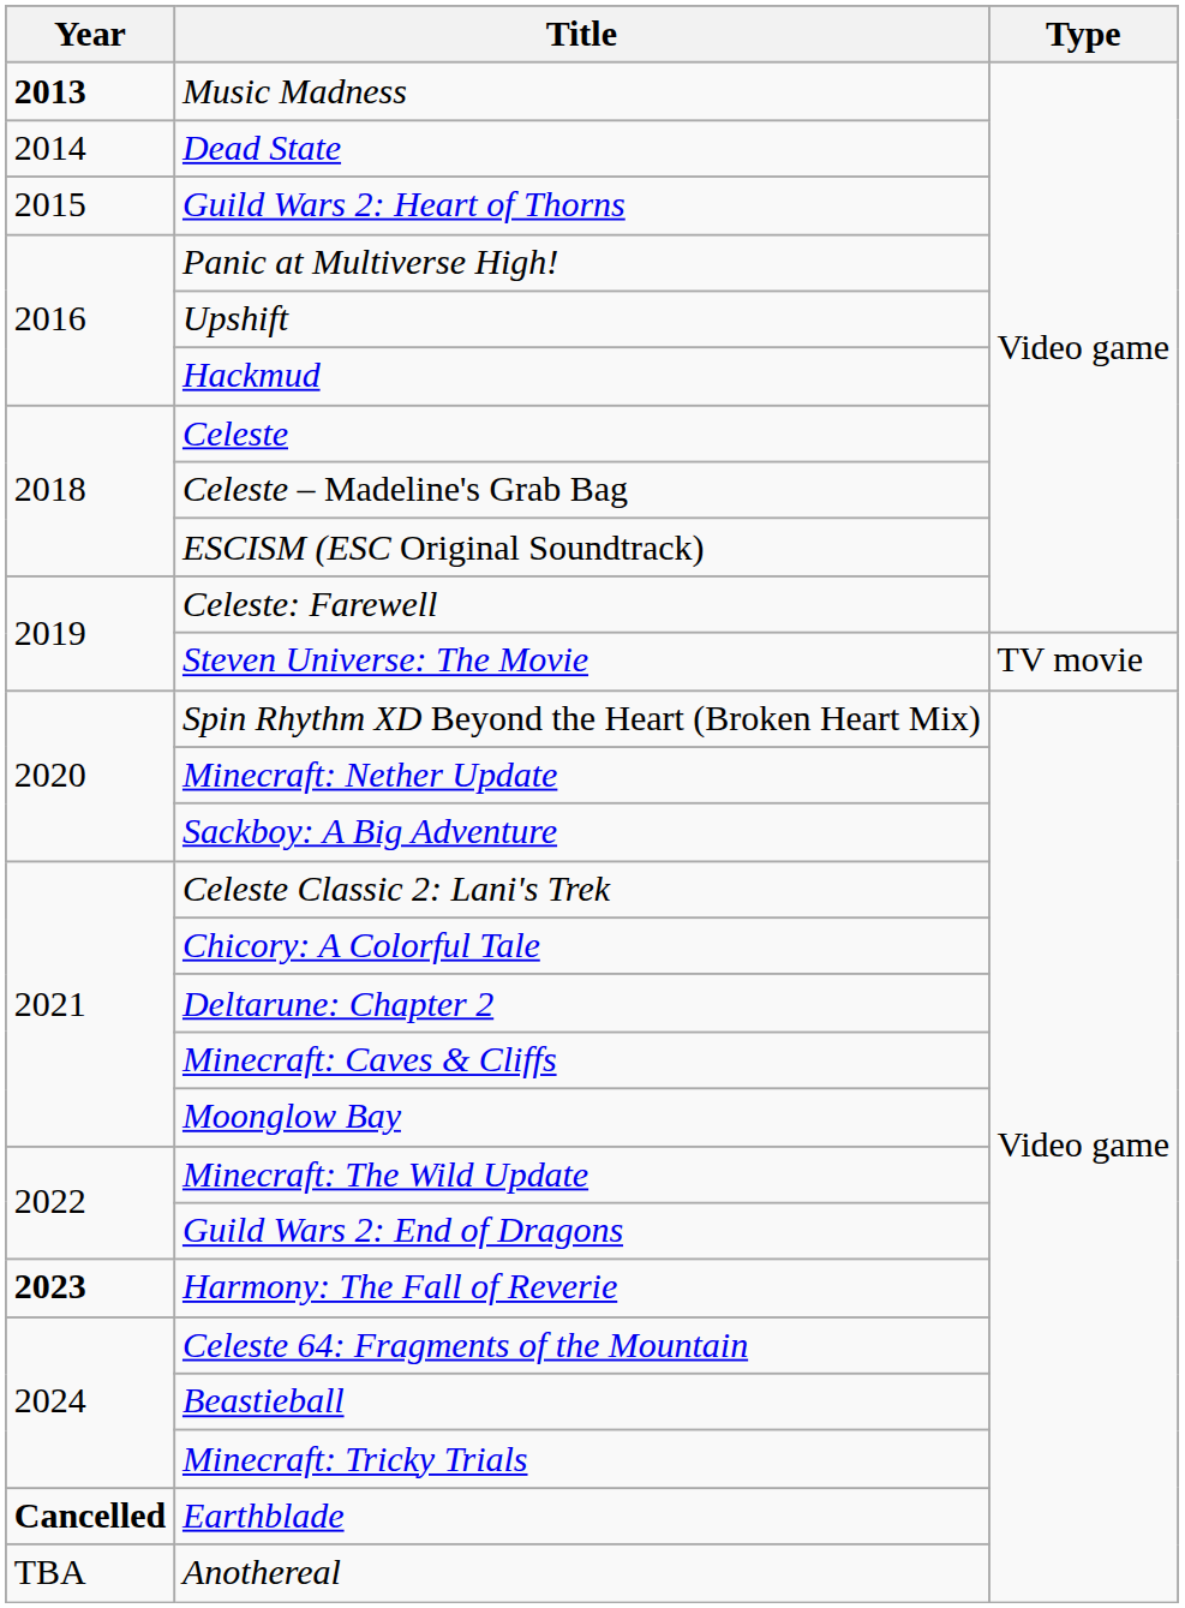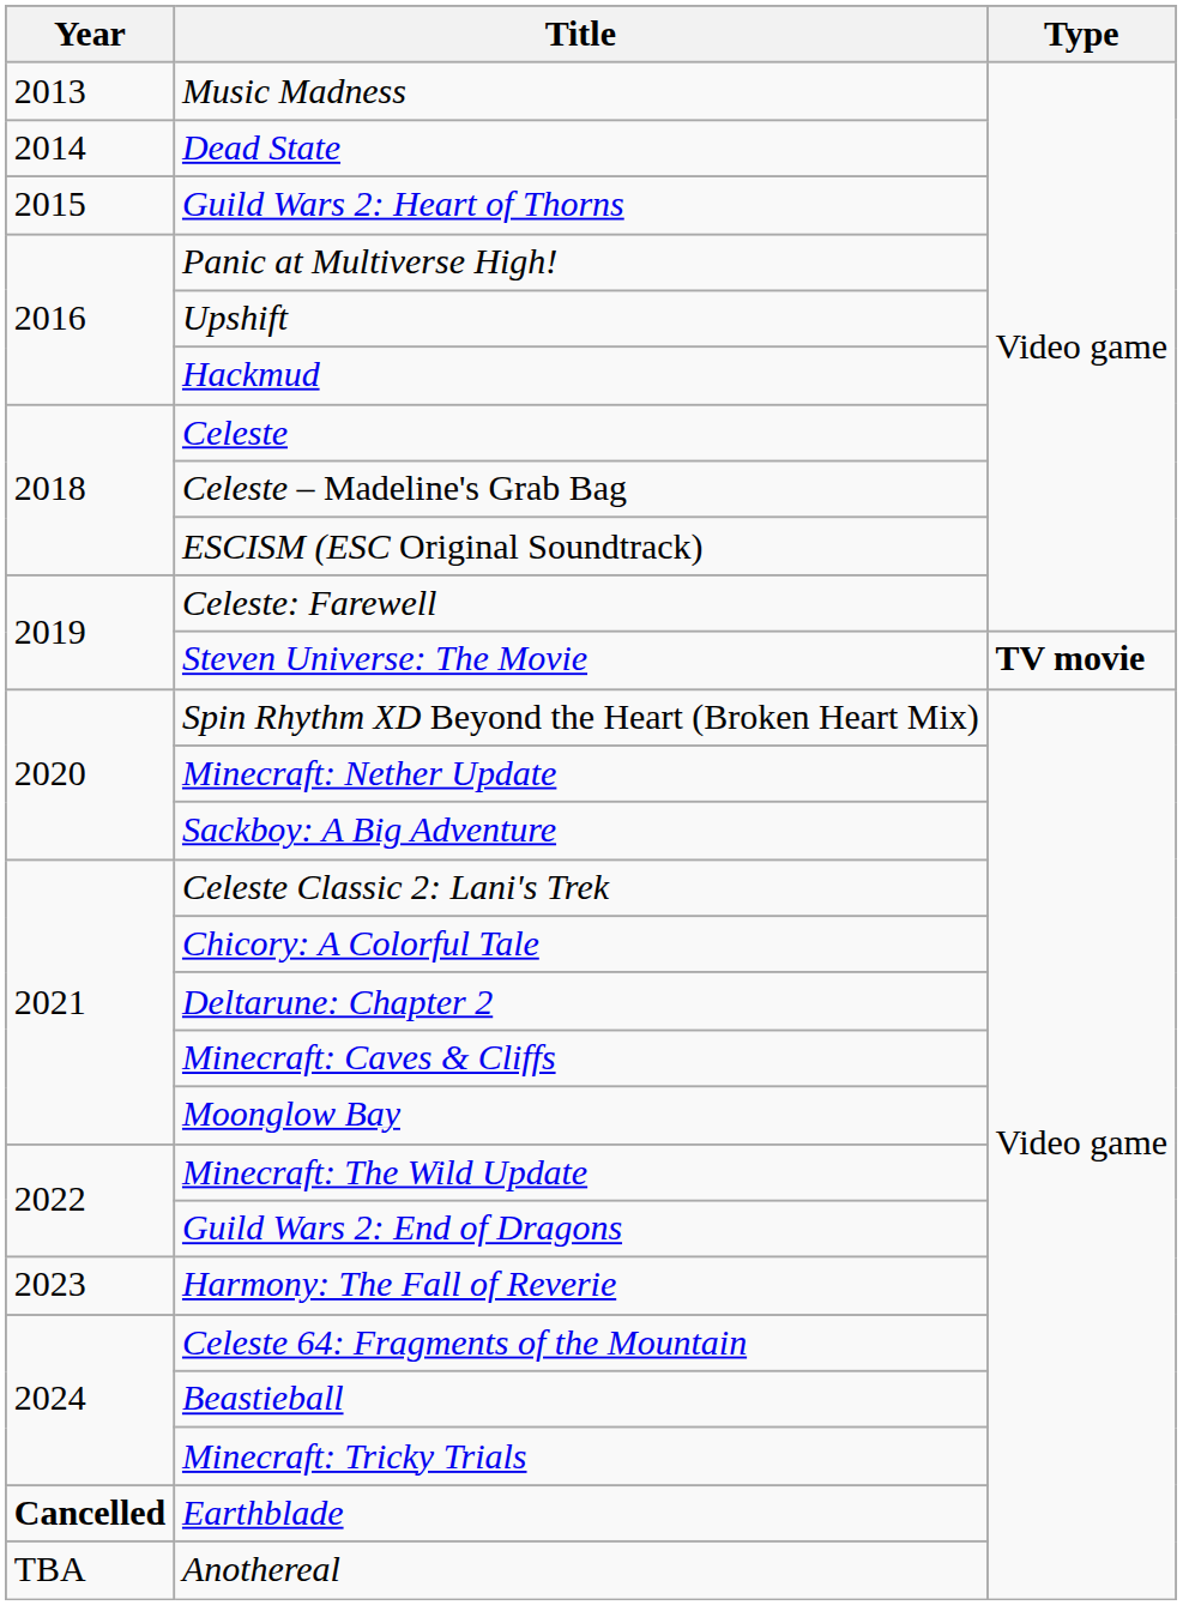 <table class="wikitable">
 <tr>
 <th scope="col">Year</th>
 <th scope="col">Title</th>
 <th scope="col">Type</th>
 </tr>
 <tr>
-<td><strong>2013</strong></td>
+<td>2013</td>
 <td><em>Music Madness</em></td>
 <td rowspan=10>Video game</td>
 </tr>
 <tr>
 <td>2014</td>
 <td><em><a href='#'>Dead State</a></em></td>
 </tr>
 <tr>
 <td>2015</td>
 <td><em><a href='#'>Guild Wars 2: Heart of Thorns</a></em></td>
 </tr>
 <tr>
 <td rowspan=3>2016</td>
 <td><em>Panic at Multiverse High!</em></td>
 </tr>
 <tr>
 <td><em>Upshift</em></td>
 </tr>
 <tr>
 <td><em><a href='#'>Hackmud</a></em></td>
 </tr>
 <tr>
 <td rowspan=3>2018</td>
 <td><em><a href='#'>Celeste</a></em></td>
 </tr>
 <tr>
 <td><em>Celeste</em> – Madeline's Grab Bag</td>
 </tr>
 <tr>
 <td><em>ESCISM (ESC</em> Original Soundtrack)</td>
 </tr>
 <tr>
 <td rowspan=2>2019</td>
 <td><em>Celeste: Farewell</em></td>
 </tr>
 <tr>
 <td><em><a href='#'>Steven Universe: The Movie</a></em></td>
-<td>TV movie</td>
+<td><strong>TV movie</strong></td>
 </tr>
 <tr>
 <td rowspan="3">2020</td>
 <td><em>Spin Rhythm XD</em> Beyond the Heart (Broken Heart Mix)</td>
 <td rowspan="16">Video game</td>
 </tr>
 <tr>
 <td><em><a href='#'>Minecraft: Nether Update</a></em></td>
 </tr>
 <tr>
 <td><em><a href='#'>Sackboy: A Big Adventure</a></em></td>
 </tr>
 <tr>
 <td rowspan="5">2021</td>
 <td><em>Celeste Classic 2: Lani's Trek</em></td>
 </tr>
 <tr>
 <td><em><a href='#'>Chicory: A Colorful Tale</a></em></td>
 </tr>
 <tr>
 <td><em><a href='#'>Deltarune: Chapter 2</a></em></td>
 </tr>
 <tr>
 <td><em><a href='#'>Minecraft: Caves & Cliffs</a></em></td>
 </tr>
 <tr>
 <td><em><a href='#'>Moonglow Bay</a></em></td>
 </tr>
 <tr>
 <td rowspan="2">2022</td>
 <td><em><a href='#'>Minecraft: The Wild Update</a></em></td>
 </tr>
 <tr>
 <td><em><a href='#'>Guild Wars 2: End of Dragons</a></em></td>
 </tr>
 <tr>
-<td><strong>2023</strong></td>
+<td>2023</td>
 <td><em><a href='#'>Harmony: The Fall of Reverie</a></em></td>
 </tr>
 <tr>
 <td rowspan="3">2024</td>
 <td><em><a href='#'>Celeste 64: Fragments of the Mountain</a></em></td>
 </tr>
 <tr>
 <td><em><a href='#'>Beastieball</a></em></td>
 </tr>
 <tr>
 <td><em><a href='#'>Minecraft: Tricky Trials</a></em></td>
 </tr>
 <tr>
 <td><strong>Cancelled</strong></td>
 <td><em><a href='#'>Earthblade</a></em></td>
 </tr>
 <tr>
 <td>TBA</td>
 <td><em>Anothereal</em></td>
 </tr>
 </table>
